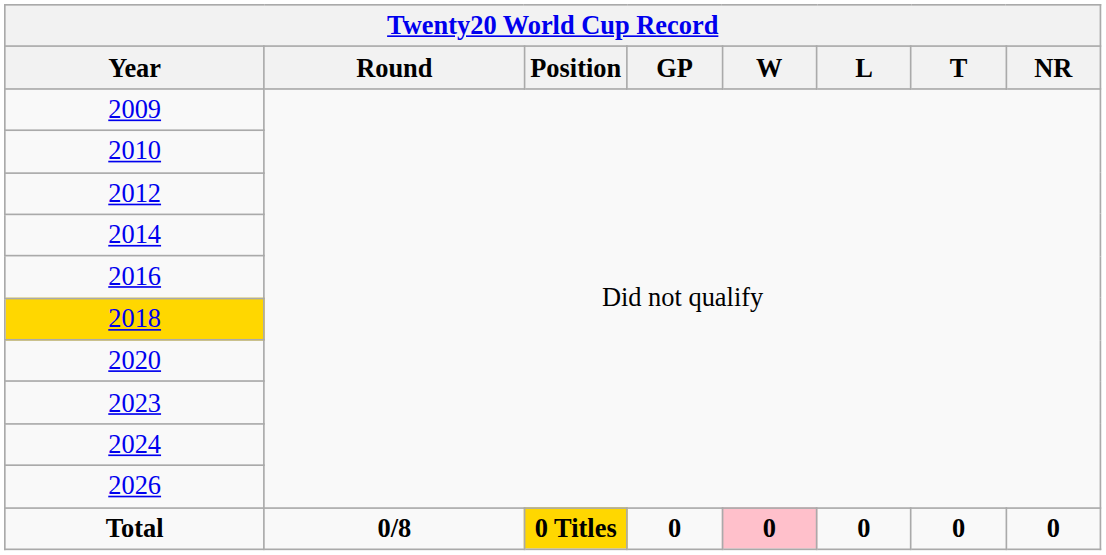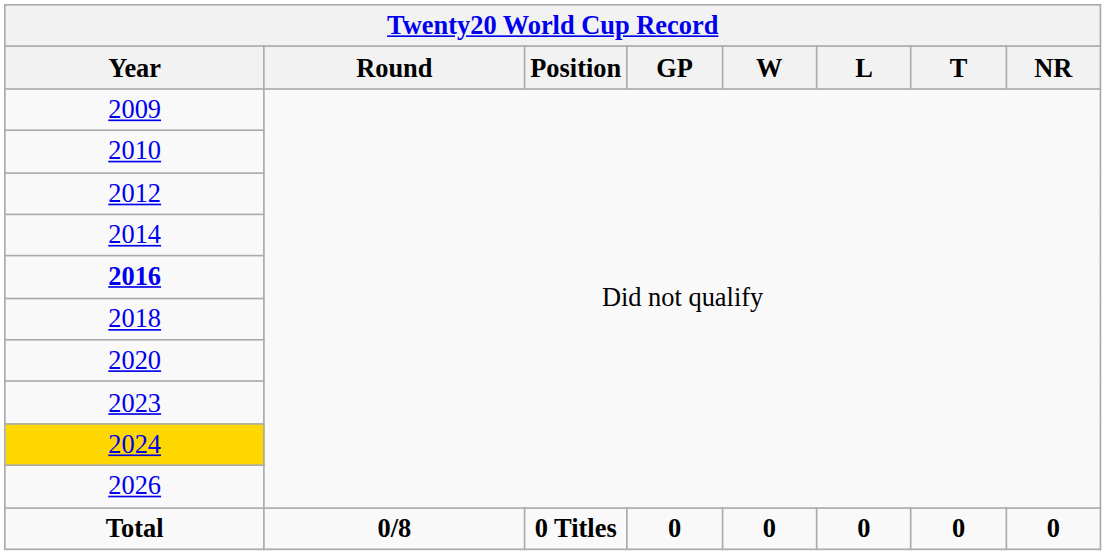 <table class="wikitable" style="text-align: center; width=900px;">
 <tr>
 <th colspan="8"><a href='#'>Twenty20 World Cup Record</a></th>
 </tr>
 <tr>
 <th width=150>Year</th>
 <th width=150>Round</th>
 <th width=50>Position</th>
 <th width=50>GP</th>
 <th width=50>W</th>
 <th width=50>L</th>
 <th width=50>T</th>
 <th width=50>NR</th>
 </tr>
 <tr>
 <td> <a href='#'>2009</a></td>
 <td colspan=7  rowspan=10>Did not qualify</td>
 </tr>
 <tr>
 <td> <a href='#'>2010</a></td>
 </tr>
 <tr>
 <td> <a href='#'>2012</a></td>
 </tr>
 <tr>
 <td> <a href='#'>2014</a></td>
 </tr>
 <tr>
-<td> <a href='#'>2016</a></td>
+<td><strong> <a href='#'>2016</a></strong></td>
 </tr>
 <tr>
-<td style="background: gold;"> <a href='#'>2018</a></td>
+<td> <a href='#'>2018</a></td>
 </tr>
 <tr>
 <td> <a href='#'>2020</a></td>
 </tr>
 <tr>
 <td> <a href='#'>2023</a></td>
 </tr>
 <tr>
-<td> <a href='#'>2024</a></td>
+<td style="background: gold;"> <a href='#'>2024</a></td>
 </tr>
 <tr>
 <td> <a href='#'>2026</a></td>
 </tr>
 <tr>
 <td><strong>Total</strong></td>
 <td><strong>0/8</strong></td>
-<td style="background: gold;"><strong>0 Titles</strong></td>
+<td><strong>0 Titles</strong></td>
 <td><strong>0</strong></td>
-<td style="background: pink;"><strong>0</strong></td>
+<td><strong>0</strong></td>
 <td><strong>0</strong></td>
 <td><strong>0</strong></td>
 <td><strong>0</strong></td>
 </tr>
 </table>
